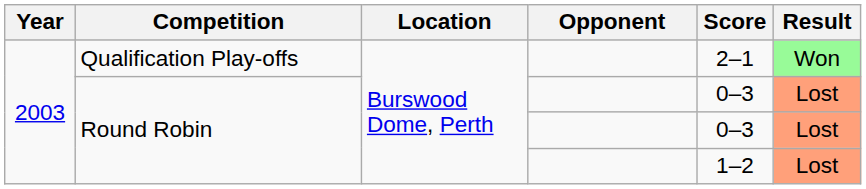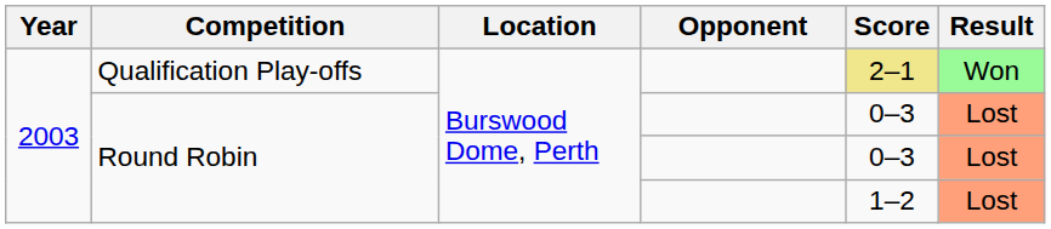 <table class="wikitable">
 <tr>
 <th width="50">Year</th>
 <th width="300">Competition</th>
 <th width="150">Location</th>
 <th width="150">Opponent</th>
 <th width="50">Score</th>
 <th width="60">Result</th>
 </tr>
 <tr>
 <td align="center" rowspan="4"><a href='#'>2003</a></td>
 <td>Qualification Play-offs</td>
 <td rowspan=4><a href='#'>Burswood Dome</a>, <a href='#'>Perth</a></td>
 <td></td>
-<td align="center">2–1</td>
+<td align="center" style="background: khaki;">2–1</td>
 <td align="center" bgcolor="#98FB98">Won</td>
 </tr>
 <tr>
 <td rowspan=3>Round Robin</td>
 <td></td>
 <td align="center">0–3</td>
 <td align="center" bgcolor="#FFA07A">Lost</td>
 </tr>
 <tr>
 <td></td>
 <td align="center">0–3</td>
 <td align="center" bgcolor="#FFA07A">Lost</td>
 </tr>
 <tr>
 <td></td>
 <td align="center">1–2</td>
 <td align="center" bgcolor="#FFA07A">Lost</td>
 </tr>
 </table>
